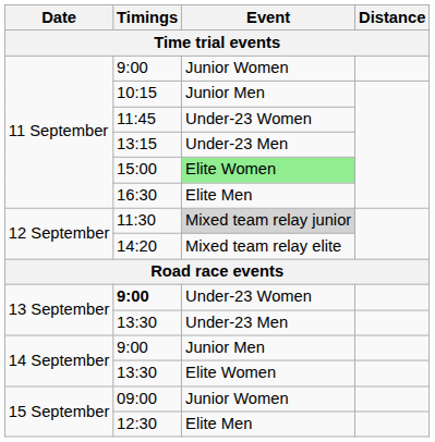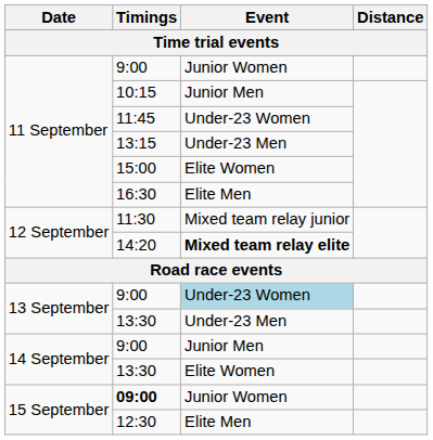 <table class="wikitable">
 <tr>
 <th scope="col">Date</th>
 <th scope="col">Timings</th>
 <th scope="col">Event</th>
 <th scope="col">Distance</th>
 </tr>
 <tr>
 <th colspan=4>Time trial events</th>
 </tr>
 <tr>
 <td rowspan=6>11 September</td>
 <td>9:00</td>
 <td>Junior Women</td>
 <td></td>
 </tr>
 <tr>
 <td>10:15</td>
 <td>Junior Men</td>
 <td rowspan="5"></td>
 </tr>
 <tr>
 <td>11:45</td>
 <td>Under-23 Women</td>
 </tr>
 <tr>
 <td>13:15</td>
 <td>Under-23 Men</td>
 </tr>
 <tr>
 <td>15:00</td>
-<td style="background: lightgreen;">Elite Women</td>
+<td>Elite Women</td>
 </tr>
 <tr>
 <td>16:30</td>
 <td>Elite Men</td>
 </tr>
 <tr>
 <td rowspan=2>12 September</td>
 <td>11:30</td>
-<td style="background: lightgrey;">Mixed team relay junior</td>
+<td>Mixed team relay junior</td>
 <td rowspan="2"></td>
 </tr>
 <tr>
 <td>14:20</td>
-<td>Mixed team relay elite</td>
+<td><strong>Mixed team relay elite</strong></td>
 </tr>
 <tr>
 <th colspan=4>Road race events</th>
 </tr>
 <tr>
 <td rowspan=2>13 September</td>
-<td><strong>9:00</strong></td>
-<td>Under-23 Women</td>
+<td>9:00</td>
+<td style="background: lightblue;">Under-23 Women</td>
 <td></td>
 </tr>
 <tr>
 <td>13:30</td>
 <td>Under-23 Men</td>
 <td></td>
 </tr>
 <tr>
 <td rowspan=2>14 September</td>
 <td>9:00</td>
 <td>Junior Men</td>
 <td></td>
 </tr>
 <tr>
 <td>13:30</td>
 <td>Elite Women</td>
 <td></td>
 </tr>
 <tr>
 <td rowspan=2>15 September</td>
-<td>09:00</td>
+<td><strong>09:00</strong></td>
 <td>Junior Women</td>
 <td></td>
 </tr>
 <tr>
 <td>12:30</td>
 <td>Elite Men</td>
 <td></td>
 </tr>
 </table>
